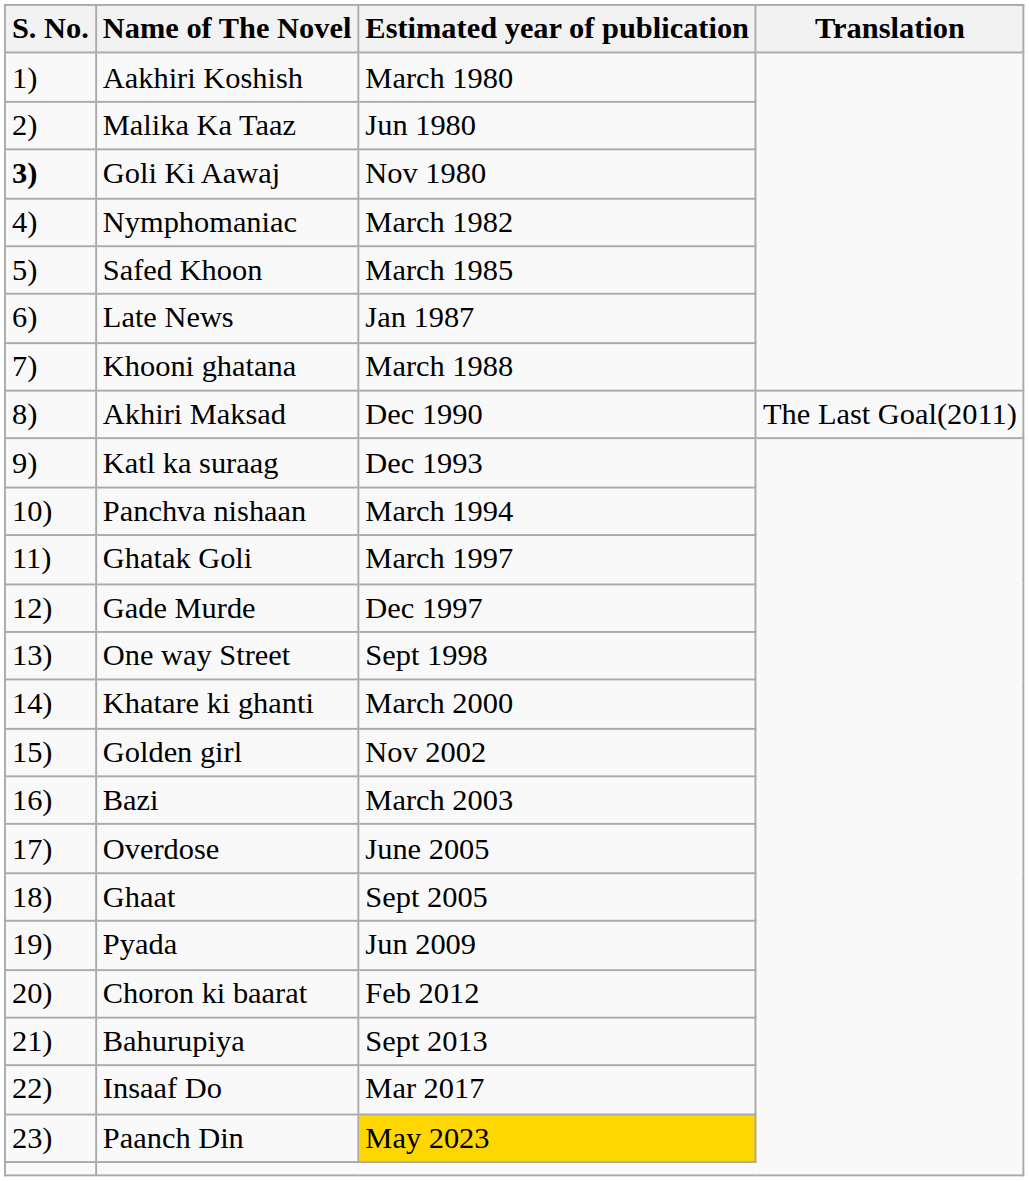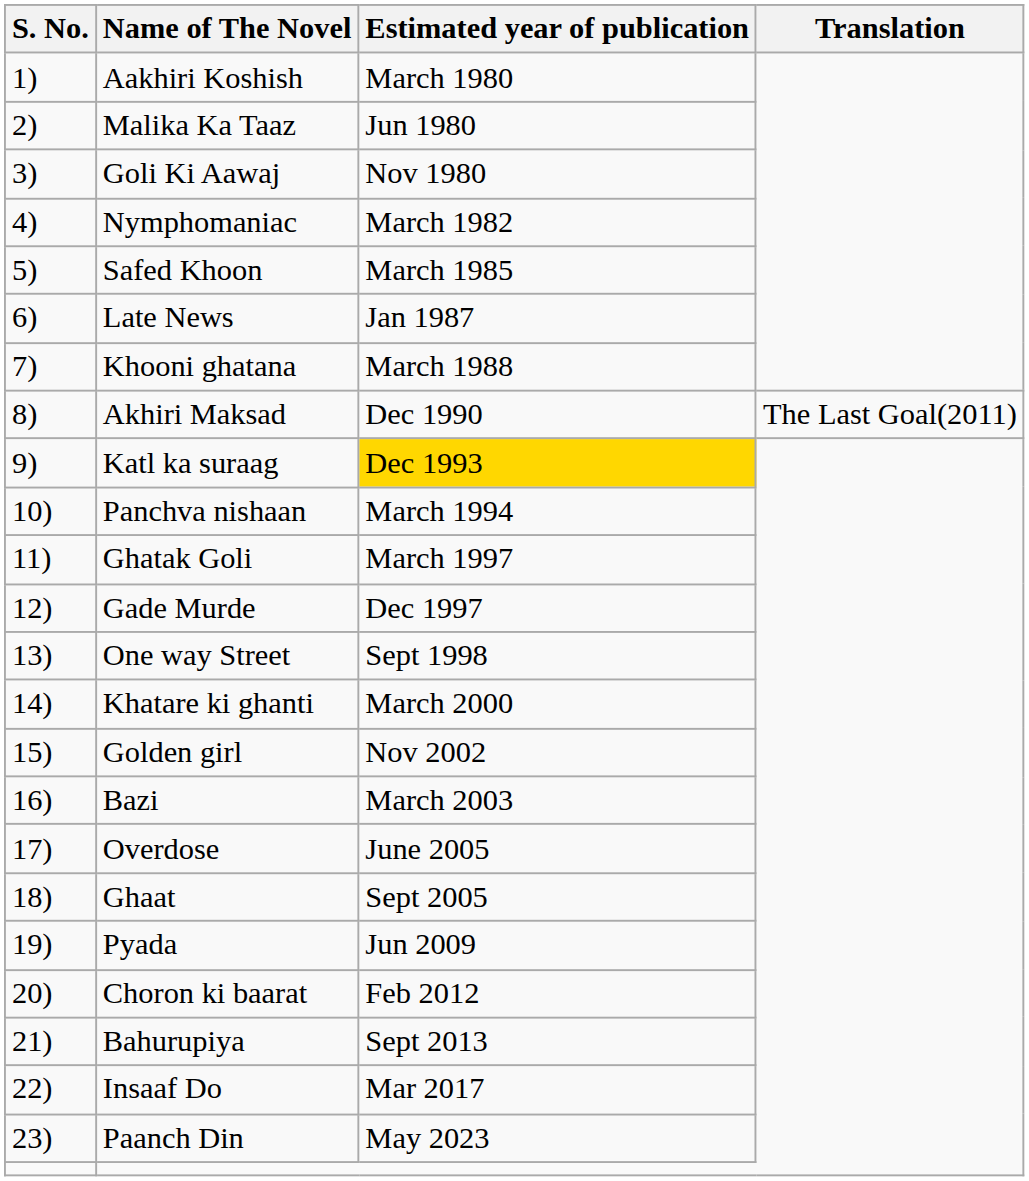 <table class="wikitable">
 <tr>
 <th>S. No.</th>
 <th>Name of The Novel</th>
 <th>Estimated year of publication</th>
 <th>Translation</th>
 </tr>
 <tr>
 <td>1)</td>
 <td>Aakhiri Koshish</td>
 <td>March 1980</td>
 </tr>
 <tr>
 <td>2)</td>
 <td>Malika Ka Taaz</td>
 <td>Jun 1980</td>
 </tr>
 <tr>
-<td><strong>3)</strong></td>
+<td>3)</td>
 <td>Goli Ki Aawaj</td>
 <td>Nov 1980</td>
 </tr>
 <tr>
 <td>4)</td>
 <td>Nymphomaniac</td>
 <td>March 1982</td>
 </tr>
 <tr>
 <td>5)</td>
 <td>Safed Khoon</td>
 <td>March 1985</td>
 </tr>
 <tr>
 <td>6)</td>
 <td>Late News</td>
 <td>Jan 1987</td>
 </tr>
 <tr>
 <td>7)</td>
 <td>Khooni ghatana</td>
 <td>March 1988</td>
 </tr>
 <tr>
 <td>8)</td>
 <td>Akhiri Maksad</td>
 <td>Dec 1990</td>
 <td>The Last Goal(2011)</td>
 </tr>
 <tr>
 <td>9)</td>
 <td>Katl ka suraag</td>
-<td>Dec 1993</td>
+<td style="background: gold;">Dec 1993</td>
 </tr>
 <tr>
 <td>10)</td>
 <td>Panchva nishaan</td>
 <td>March 1994</td>
 </tr>
 <tr>
 <td>11)</td>
 <td>Ghatak Goli</td>
 <td>March 1997</td>
 </tr>
 <tr>
 <td>12)</td>
 <td>Gade Murde</td>
 <td>Dec 1997</td>
 </tr>
 <tr>
 <td>13)</td>
 <td>One way Street</td>
 <td>Sept 1998</td>
 </tr>
 <tr>
 <td>14)</td>
 <td>Khatare ki ghanti</td>
 <td>March 2000</td>
 </tr>
 <tr>
 <td>15)</td>
 <td>Golden girl</td>
 <td>Nov 2002</td>
 </tr>
 <tr>
 <td>16)</td>
 <td>Bazi</td>
 <td>March 2003</td>
 </tr>
 <tr>
 <td>17)</td>
 <td>Overdose</td>
 <td>June 2005</td>
 </tr>
 <tr>
 <td>18)</td>
 <td>Ghaat</td>
 <td>Sept 2005</td>
 </tr>
 <tr>
 <td>19)</td>
 <td>Pyada</td>
 <td>Jun 2009</td>
 </tr>
 <tr>
 <td>20)</td>
 <td>Choron ki baarat</td>
 <td>Feb 2012</td>
 </tr>
 <tr>
 <td>21)</td>
 <td>Bahurupiya</td>
 <td>Sept 2013</td>
 </tr>
 <tr>
 <td>22)</td>
 <td>Insaaf Do</td>
 <td>Mar 2017</td>
 </tr>
 <tr>
 <td>23)</td>
 <td>Paanch Din</td>
-<td style="background: gold;">May 2023</td>
+<td>May 2023</td>
 </tr>
 <tr>
 <td></td>
 </tr>
 </table>
